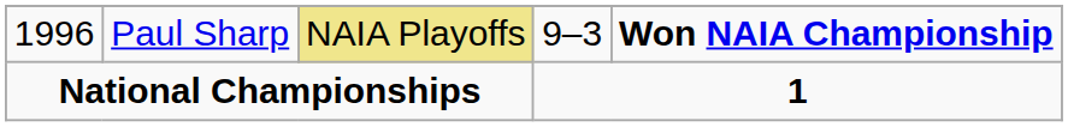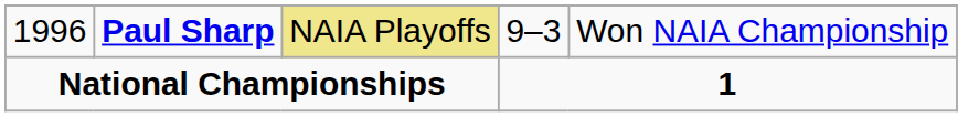 <table class="wikitable" style="text-align:center">
 <tr>
 </tr>
 <tr style="text-align:center;">
 <td>1996</td>
-<td><a href='#'>Paul Sharp</a></td>
+<td><strong><a href='#'>Paul Sharp</a></strong></td>
 <td style="background: khaki;">NAIA Playoffs</td>
 <td>9–3</td>
-<td><strong>Won <a href='#'>NAIA Championship</a></strong></td>
+<td>Won <a href='#'>NAIA Championship</a></td>
 </tr>
 <tr align="center">
 <td colspan=3><strong>National Championships</strong></td>
 <td colspan=2><strong>1</strong></td>
 </tr>
 </table>
